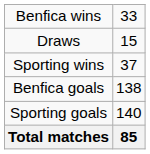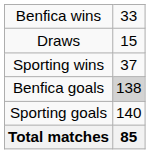 <table class="wikitable" style="text-align:center">
 <tr>
 <td>Benfica wins</td>
 <td>33</td>
 </tr>
 <tr>
 <td>Draws</td>
 <td>15</td>
 </tr>
 <tr>
 <td>Sporting wins</td>
 <td>37</td>
 </tr>
 <tr>
 <td>Benfica goals</td>
-<td>138</td>
+<td style="background: lightgrey;">138</td>
 </tr>
 <tr>
 <td>Sporting goals</td>
 <td>140</td>
 </tr>
 <tr>
 <th>Total matches</th>
 <th>85</th>
 </tr>
 </table>
